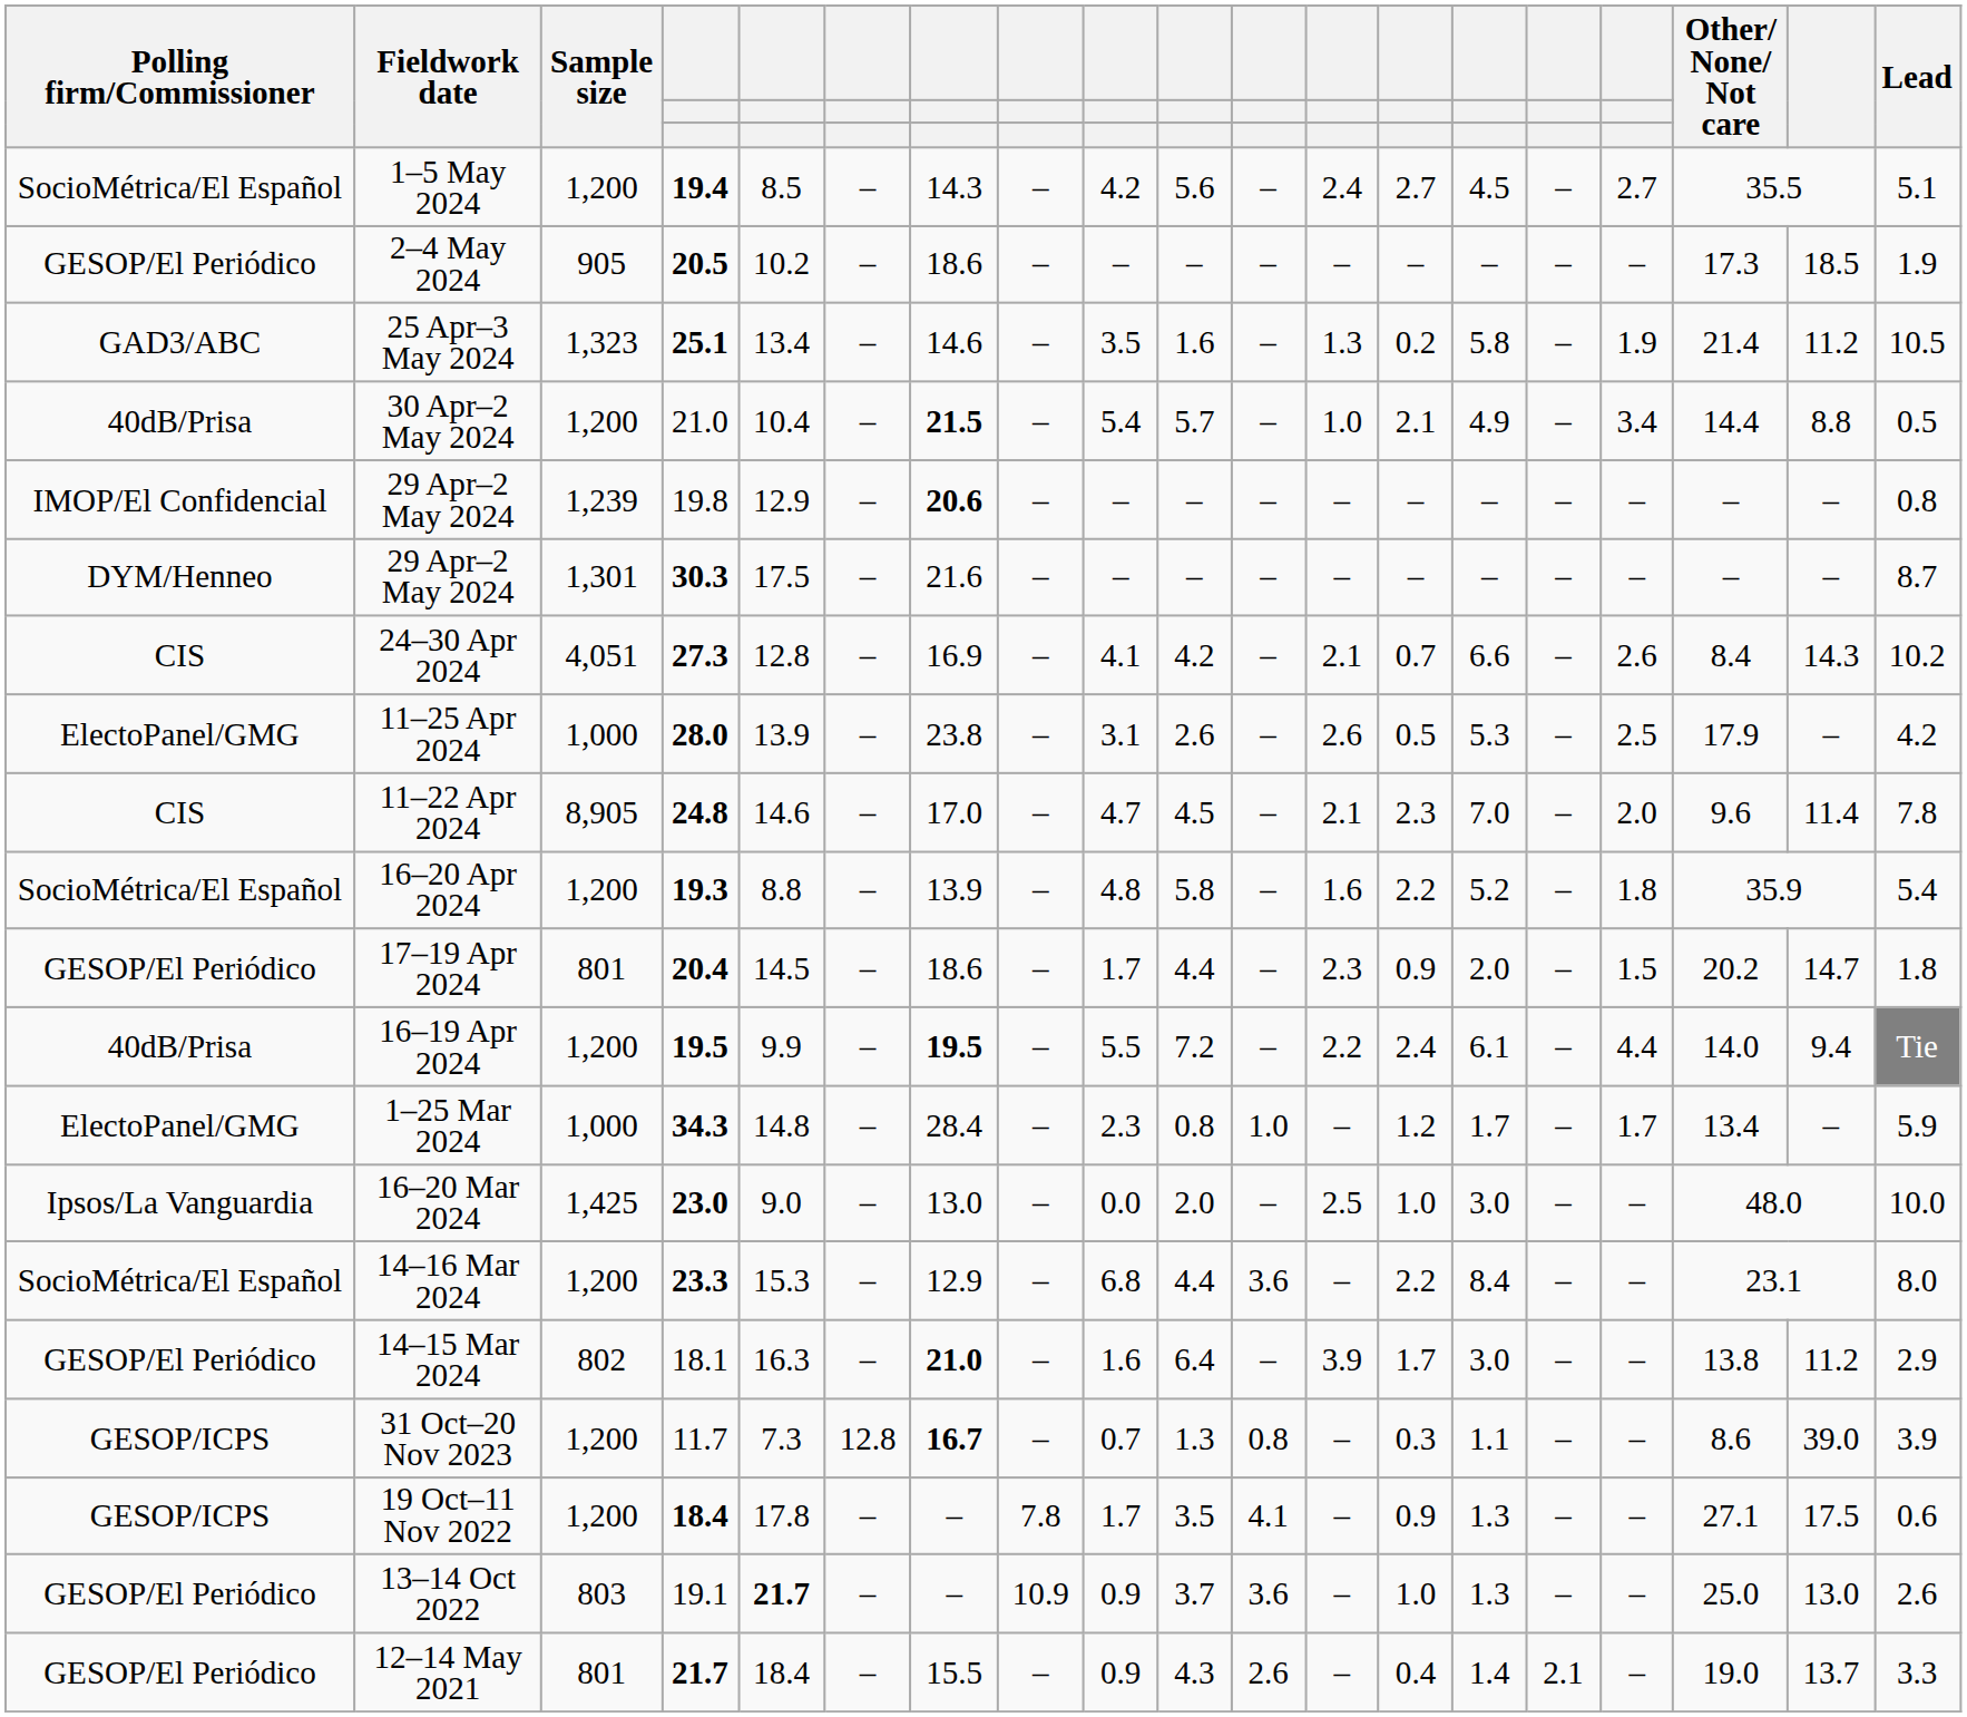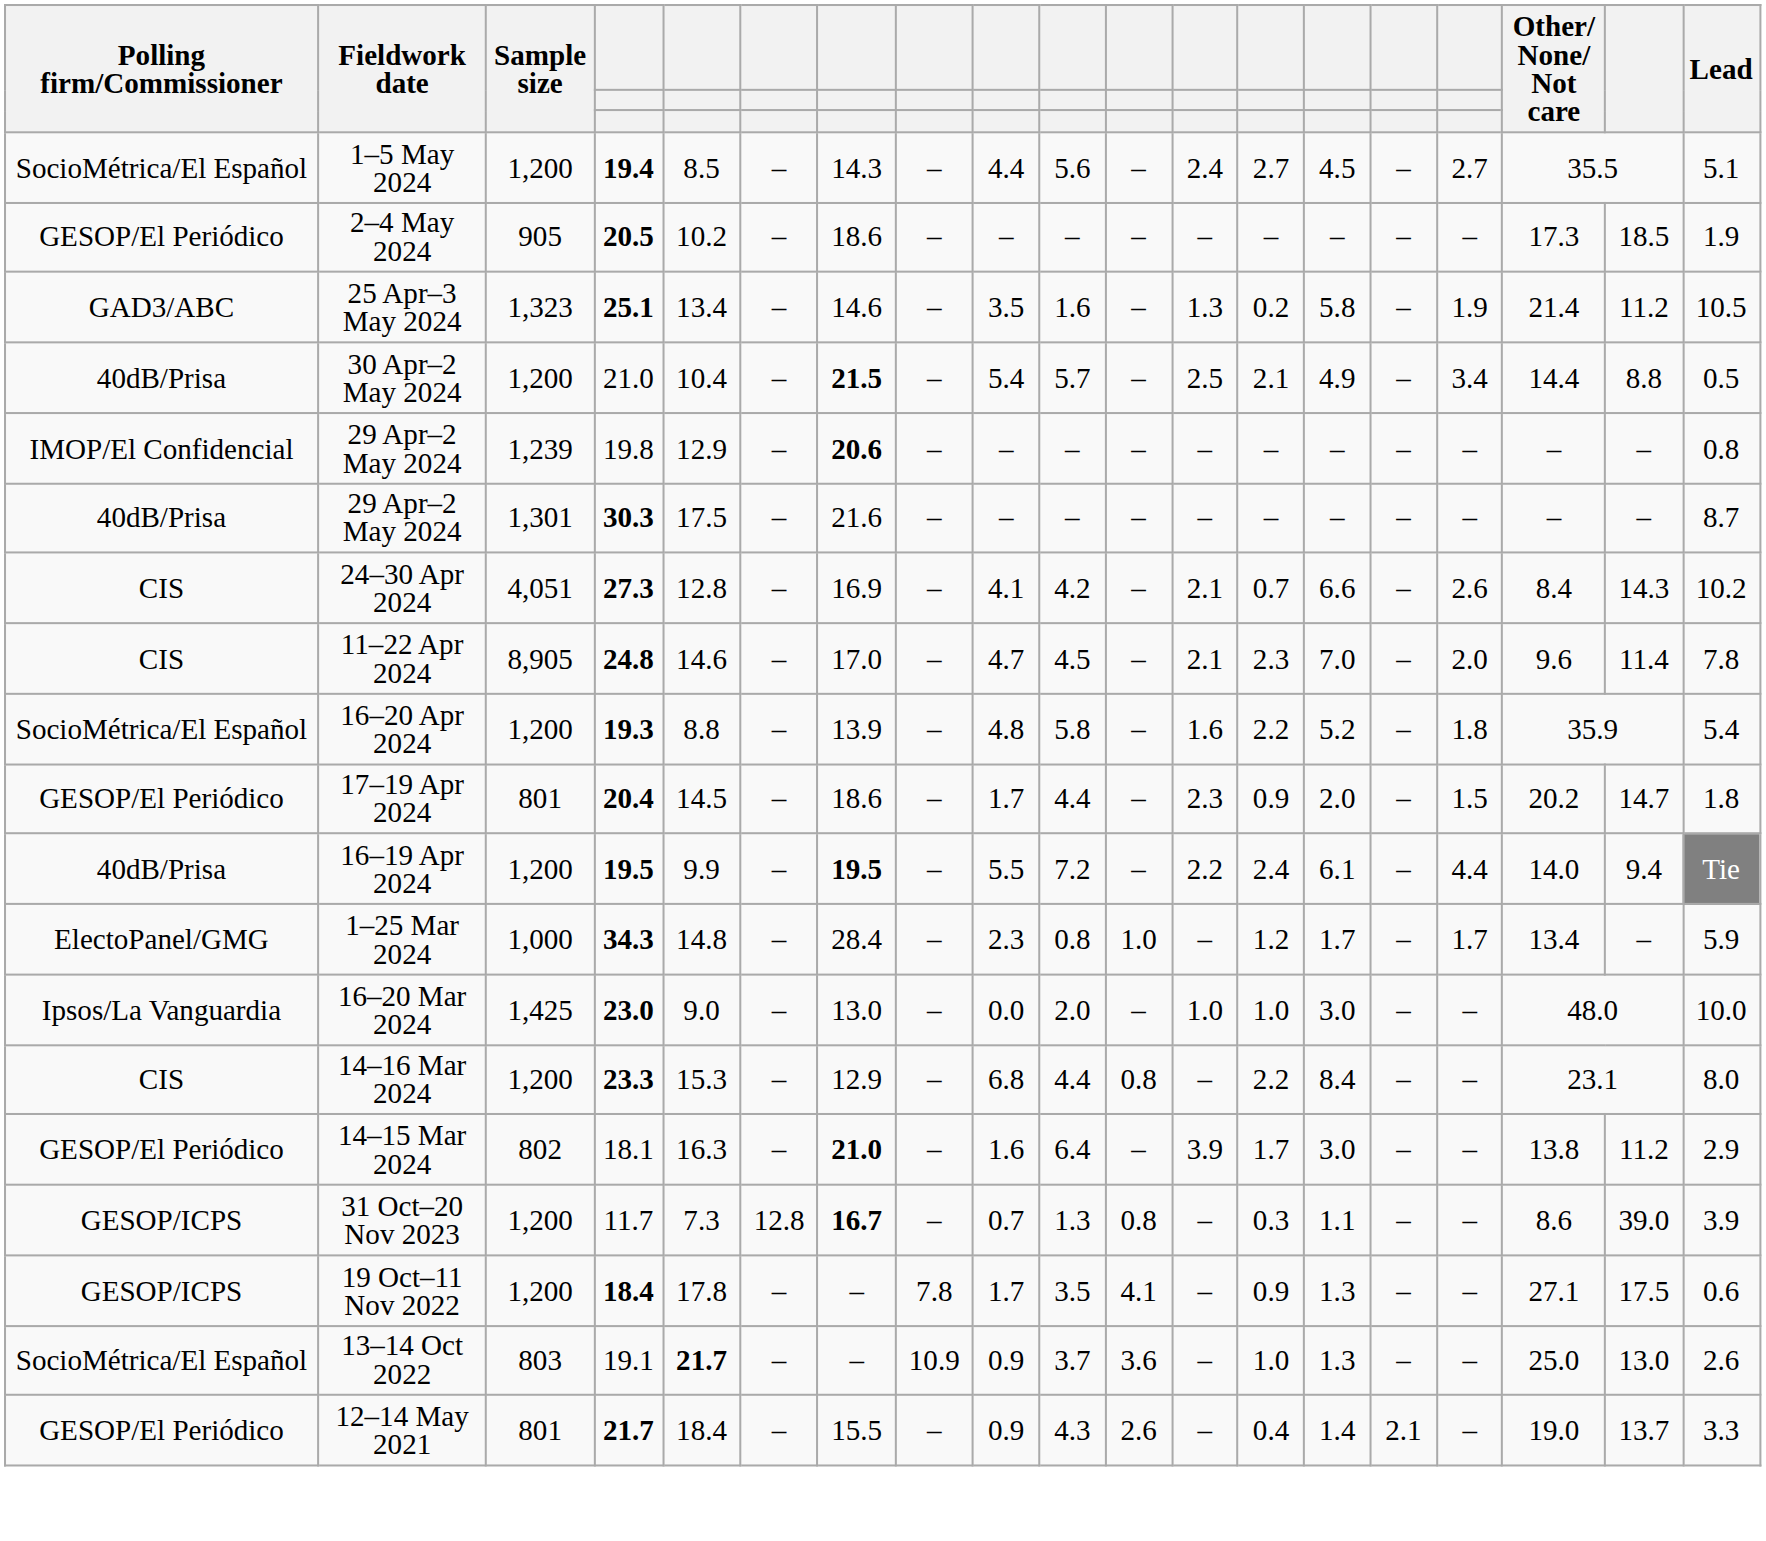 <table class="wikitable collapsible collapsed" style="text-align:center; font-size:90%; line-height:14px;">
 <tr style="height:42px;">
 <th style="width:250px;" rowspan="3">Polling firm/Commissioner</th>
 <th style="width:125px;" rowspan="3">Fieldwork date</th>
 <th style="width:50px;" rowspan="3">Sample size</th>
 <th style="width:35px;"></th>
 <th style="width:55px;"></th>
 <th style="width:55px;"></th>
 <th style="width:55px;"></th>
 <th style="width:55px;"></th>
 <th style="width:55px;"></th>
 <th style="width:55px;"></th>
 <th style="width:55px;"></th>
 <th style="width:55px;"></th>
 <th style="width:55px;"></th>
 <th style="width:55px;"></th>
 <th style="width:55px;"></th>
 <th style="width:55px;"></th>
 <th style="width:55px;" rowspan="3">Other/<br>None/<br>Not<br>care</th>
 <th style="width:55px;" rowspan="3"></th>
 <th style="width:30px;" rowspan="3">Lead</th>
 </tr>
 <tr>
 <th style="color:inherit;background:"></th>
 <th style="color:inherit;background:"></th>
 <th style="color:inherit;background:"></th>
 <th style="color:inherit;background:"></th>
 <th style="color:inherit;background:"></th>
 <th style="color:inherit;background:"></th>
 <th style="color:inherit;background:"></th>
 <th style="color:inherit;background:"></th>
 <th style="color:inherit;background:"></th>
 <th style="color:inherit;background:"></th>
 <th style="color:inherit;background:"></th>
 <th style="color:inherit;background:"></th>
 <th style="color:inherit;background:"></th>
 </tr>
 <tr>
 <th></th>
 <th></th>
 <th></th>
 <th></th>
 <th></th>
 <th></th>
 <th></th>
 <th></th>
 <th></th>
 <th></th>
 <th></th>
 <th></th>
 <th></th>
 </tr>
 <tr>
 <td>SocioMétrica/El Español</td>
 <td>1–5 May 2024</td>
 <td>1,200</td>
 <td><strong>19.4</strong></td>
 <td>8.5</td>
 <td>–</td>
 <td>14.3</td>
 <td>–</td>
-<td>4.2</td>
+<td>4.4</td>
 <td>5.6</td>
 <td>–</td>
 <td>2.4</td>
 <td>2.7</td>
 <td>4.5</td>
 <td>–</td>
 <td>2.7</td>
 <td colspan="2">35.5</td>
 <td style="background:">5.1</td>
 </tr>
 <tr>
 <td>GESOP/El Periódico</td>
 <td>2–4 May 2024</td>
 <td>905</td>
 <td><strong>20.5</strong></td>
 <td>10.2</td>
 <td>–</td>
 <td>18.6</td>
 <td>–</td>
 <td>–</td>
 <td>–</td>
 <td>–</td>
 <td>–</td>
 <td>–</td>
 <td>–</td>
 <td>–</td>
 <td>–</td>
 <td>17.3</td>
 <td>18.5</td>
 <td style="background:">1.9</td>
 </tr>
 <tr>
 <td>GAD3/ABC</td>
 <td>25 Apr–3 May 2024</td>
 <td>1,323</td>
 <td><strong>25.1</strong></td>
 <td>13.4</td>
 <td>–</td>
 <td>14.6</td>
 <td>–</td>
 <td>3.5</td>
 <td>1.6</td>
 <td>–</td>
 <td>1.3</td>
 <td>0.2</td>
 <td>5.8</td>
 <td>–</td>
 <td>1.9</td>
 <td>21.4</td>
 <td>11.2</td>
 <td style="background:">10.5</td>
 </tr>
 <tr>
 <td>40dB/Prisa</td>
 <td>30 Apr–2 May 2024</td>
 <td>1,200</td>
 <td>21.0</td>
 <td>10.4</td>
 <td>–</td>
 <td><strong>21.5</strong></td>
 <td>–</td>
 <td>5.4</td>
 <td>5.7</td>
 <td>–</td>
-<td>1.0</td>
+<td>2.5</td>
 <td>2.1</td>
 <td>4.9</td>
 <td>–</td>
 <td>3.4</td>
 <td>14.4</td>
 <td>8.8</td>
 <td style="background:">0.5</td>
 </tr>
 <tr>
 <td>IMOP/El Confidencial</td>
 <td>29 Apr–2 May 2024</td>
 <td>1,239</td>
 <td>19.8</td>
 <td>12.9</td>
 <td>–</td>
 <td><strong>20.6</strong></td>
 <td>–</td>
 <td>–</td>
 <td>–</td>
 <td>–</td>
 <td>–</td>
 <td>–</td>
 <td>–</td>
 <td>–</td>
 <td>–</td>
 <td>–</td>
 <td>–</td>
 <td style="background:">0.8</td>
 </tr>
 <tr>
-<td>DYM/Henneo</td>
+<td>40dB/Prisa</td>
 <td>29 Apr–2 May 2024</td>
 <td>1,301</td>
 <td><strong>30.3</strong></td>
 <td>17.5</td>
 <td>–</td>
 <td>21.6</td>
 <td>–</td>
 <td>–</td>
 <td>–</td>
 <td>–</td>
 <td>–</td>
 <td>–</td>
 <td>–</td>
 <td>–</td>
 <td>–</td>
 <td>–</td>
 <td>–</td>
 <td style="background:">8.7</td>
 </tr>
 <tr>
 <td>CIS</td>
 <td>24–30 Apr 2024</td>
 <td>4,051</td>
 <td><strong>27.3</strong></td>
 <td>12.8</td>
 <td>–</td>
 <td>16.9</td>
 <td>–</td>
 <td>4.1</td>
 <td>4.2</td>
 <td>–</td>
 <td>2.1</td>
 <td>0.7</td>
 <td>6.6</td>
 <td>–</td>
 <td>2.6</td>
 <td>8.4</td>
 <td>14.3</td>
 <td style="background:">10.2</td>
-</tr>
-<tr>
-<td>ElectoPanel/GMG</td>
-<td>11–25 Apr 2024</td>
-<td>1,000</td>
-<td><strong>28.0</strong></td>
-<td>13.9</td>
-<td>–</td>
-<td>23.8</td>
-<td>–</td>
-<td>3.1</td>
-<td>2.6</td>
-<td>–</td>
-<td>2.6</td>
-<td>0.5</td>
-<td>5.3</td>
-<td>–</td>
-<td>2.5</td>
-<td>17.9</td>
-<td>–</td>
-<td style="background:">4.2</td>
 </tr>
 <tr>
 <td>CIS</td>
 <td>11–22 Apr 2024</td>
 <td>8,905</td>
 <td><strong>24.8</strong></td>
 <td>14.6</td>
 <td>–</td>
 <td>17.0</td>
 <td>–</td>
 <td>4.7</td>
 <td>4.5</td>
 <td>–</td>
 <td>2.1</td>
 <td>2.3</td>
 <td>7.0</td>
 <td>–</td>
 <td>2.0</td>
 <td>9.6</td>
 <td>11.4</td>
 <td style="background:">7.8</td>
 </tr>
 <tr>
 <td>SocioMétrica/El Español</td>
 <td>16–20 Apr 2024</td>
 <td>1,200</td>
 <td><strong>19.3</strong></td>
 <td>8.8</td>
 <td>–</td>
 <td>13.9</td>
 <td>–</td>
 <td>4.8</td>
 <td>5.8</td>
 <td>–</td>
 <td>1.6</td>
 <td>2.2</td>
 <td>5.2</td>
 <td>–</td>
 <td>1.8</td>
 <td colspan="2">35.9</td>
 <td style="background:">5.4</td>
 </tr>
 <tr>
 <td>GESOP/El Periódico</td>
 <td>17–19 Apr 2024</td>
 <td>801</td>
 <td><strong>20.4</strong></td>
 <td>14.5</td>
 <td>–</td>
 <td>18.6</td>
 <td>–</td>
 <td>1.7</td>
 <td>4.4</td>
 <td>–</td>
 <td>2.3</td>
 <td>0.9</td>
 <td>2.0</td>
 <td>–</td>
 <td>1.5</td>
 <td>20.2</td>
 <td>14.7</td>
 <td style="background:">1.8</td>
 </tr>
 <tr>
 <td>40dB/Prisa</td>
 <td>16–19 Apr 2024</td>
 <td>1,200</td>
 <td><strong>19.5</strong></td>
 <td>9.9</td>
 <td>–</td>
 <td><strong>19.5</strong></td>
 <td>–</td>
 <td>5.5</td>
 <td>7.2</td>
 <td>–</td>
 <td>2.2</td>
 <td>2.4</td>
 <td>6.1</td>
 <td>–</td>
 <td>4.4</td>
 <td>14.0</td>
 <td>9.4</td>
 <td style="background:gray; color:white;">Tie</td>
 </tr>
 <tr>
 <td>ElectoPanel/GMG</td>
 <td>1–25 Mar 2024</td>
 <td>1,000</td>
 <td><strong>34.3</strong></td>
 <td>14.8</td>
 <td>–</td>
 <td>28.4</td>
 <td>–</td>
 <td>2.3</td>
 <td>0.8</td>
 <td>1.0</td>
 <td>–</td>
 <td>1.2</td>
 <td>1.7</td>
 <td>–</td>
 <td>1.7</td>
 <td>13.4</td>
 <td>–</td>
 <td style="background:">5.9</td>
 </tr>
 <tr>
 <td>Ipsos/La Vanguardia</td>
 <td>16–20 Mar 2024</td>
 <td>1,425</td>
 <td><strong>23.0</strong></td>
 <td>9.0</td>
 <td>–</td>
 <td>13.0</td>
 <td>–</td>
 <td>0.0</td>
 <td>2.0</td>
 <td>–</td>
-<td>2.5</td>
+<td>1.0</td>
 <td>1.0</td>
 <td>3.0</td>
 <td>–</td>
 <td>–</td>
 <td colspan="2">48.0</td>
 <td style="background:">10.0</td>
 </tr>
 <tr>
-<td>SocioMétrica/El Español</td>
+<td>CIS</td>
 <td>14–16 Mar 2024</td>
 <td>1,200</td>
 <td><strong>23.3</strong></td>
 <td>15.3</td>
 <td>–</td>
 <td>12.9</td>
 <td>–</td>
 <td>6.8</td>
 <td>4.4</td>
-<td>3.6</td>
+<td>0.8</td>
 <td>–</td>
 <td>2.2</td>
 <td>8.4</td>
 <td>–</td>
 <td>–</td>
 <td colspan="2">23.1</td>
 <td style="background:">8.0</td>
 </tr>
 <tr>
 <td>GESOP/El Periódico</td>
 <td>14–15 Mar 2024</td>
 <td>802</td>
 <td>18.1</td>
 <td>16.3</td>
 <td>–</td>
 <td><strong>21.0</strong></td>
 <td>–</td>
 <td>1.6</td>
 <td>6.4</td>
 <td>–</td>
 <td>3.9</td>
 <td>1.7</td>
 <td>3.0</td>
 <td>–</td>
 <td>–</td>
 <td>13.8</td>
 <td>11.2</td>
 <td style="background:">2.9</td>
 </tr>
 <tr>
 <td>GESOP/ICPS</td>
 <td>31 Oct–20 Nov 2023</td>
 <td>1,200</td>
 <td>11.7</td>
 <td>7.3</td>
 <td>12.8</td>
 <td><strong>16.7</strong></td>
 <td>–</td>
 <td>0.7</td>
 <td>1.3</td>
 <td>0.8</td>
 <td>–</td>
 <td>0.3</td>
 <td>1.1</td>
 <td>–</td>
 <td>–</td>
 <td>8.6</td>
 <td>39.0</td>
 <td style="background:">3.9</td>
 </tr>
 <tr>
 <td>GESOP/ICPS</td>
 <td>19 Oct–11 Nov 2022</td>
 <td>1,200</td>
 <td><strong>18.4</strong></td>
 <td>17.8</td>
 <td>–</td>
 <td>–</td>
 <td>7.8</td>
 <td>1.7</td>
 <td>3.5</td>
 <td>4.1</td>
 <td>–</td>
 <td>0.9</td>
 <td>1.3</td>
 <td>–</td>
 <td>–</td>
 <td>27.1</td>
 <td>17.5</td>
 <td style="background:">0.6</td>
 </tr>
 <tr>
-<td>GESOP/El Periódico</td>
+<td>SocioMétrica/El Español</td>
 <td>13–14 Oct 2022</td>
 <td>803</td>
 <td>19.1</td>
 <td><strong>21.7</strong></td>
 <td>–</td>
 <td>–</td>
 <td>10.9</td>
 <td>0.9</td>
 <td>3.7</td>
 <td>3.6</td>
 <td>–</td>
 <td>1.0</td>
 <td>1.3</td>
 <td>–</td>
 <td>–</td>
 <td>25.0</td>
 <td>13.0</td>
 <td style="background:">2.6</td>
 </tr>
 <tr>
 <td>GESOP/El Periódico</td>
 <td>12–14 May 2021</td>
 <td>801</td>
 <td><strong>21.7</strong></td>
 <td>18.4</td>
 <td>–</td>
 <td>15.5</td>
 <td>–</td>
 <td>0.9</td>
 <td>4.3</td>
 <td>2.6</td>
 <td>–</td>
 <td>0.4</td>
 <td>1.4</td>
 <td>2.1</td>
 <td>–</td>
 <td>19.0</td>
 <td>13.7</td>
 <td style="background:">3.3</td>
 </tr>
 </table>
